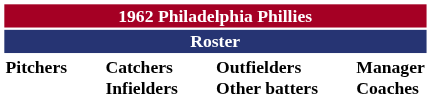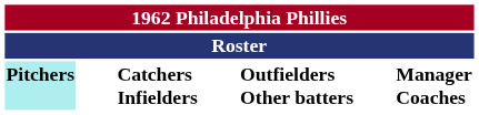 <table class="toccolours" style="font-size: 95%;">
 <tr>
 <th colspan="10" style="background-color: #A50024; color: white; text-align: center;">1962 Philadelphia Phillies</th>
 </tr>
 <tr>
 <td colspan="10" style="background-color: #263473; color: white; text-align: center;"><strong>Roster</strong></td>
 </tr>
 <tr>
-<td valign="top"><strong>Pitchers</strong><br>              </td>
+<td valign="top" style="background: paleturquoise;"><strong>Pitchers</strong><br>              </td>
 <td width="25px"></td>
 <td valign="top"><strong>Catchers</strong><br>   <strong>Infielders</strong>          </td>
 <td width="25px"></td>
 <td valign="top"><strong>Outfielders</strong><br>      <strong>Other batters</strong> </td>
 <td width="25px"></td>
 <td valign="top"><strong>Manager</strong><br> <strong>Coaches</strong>   </td>
 </tr>
 <tr>
 </tr>
 </table>
